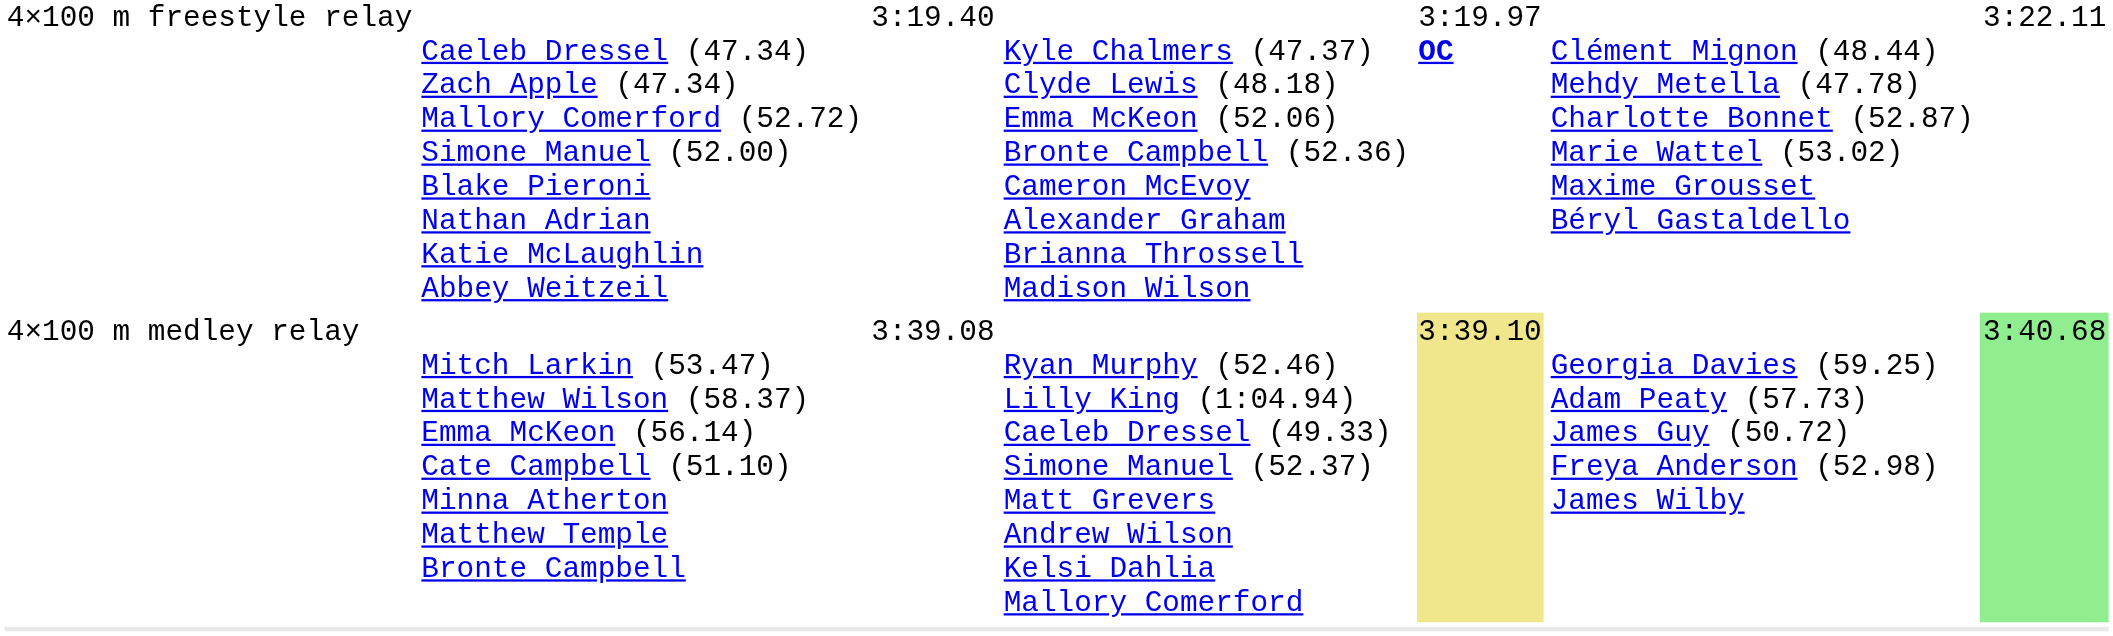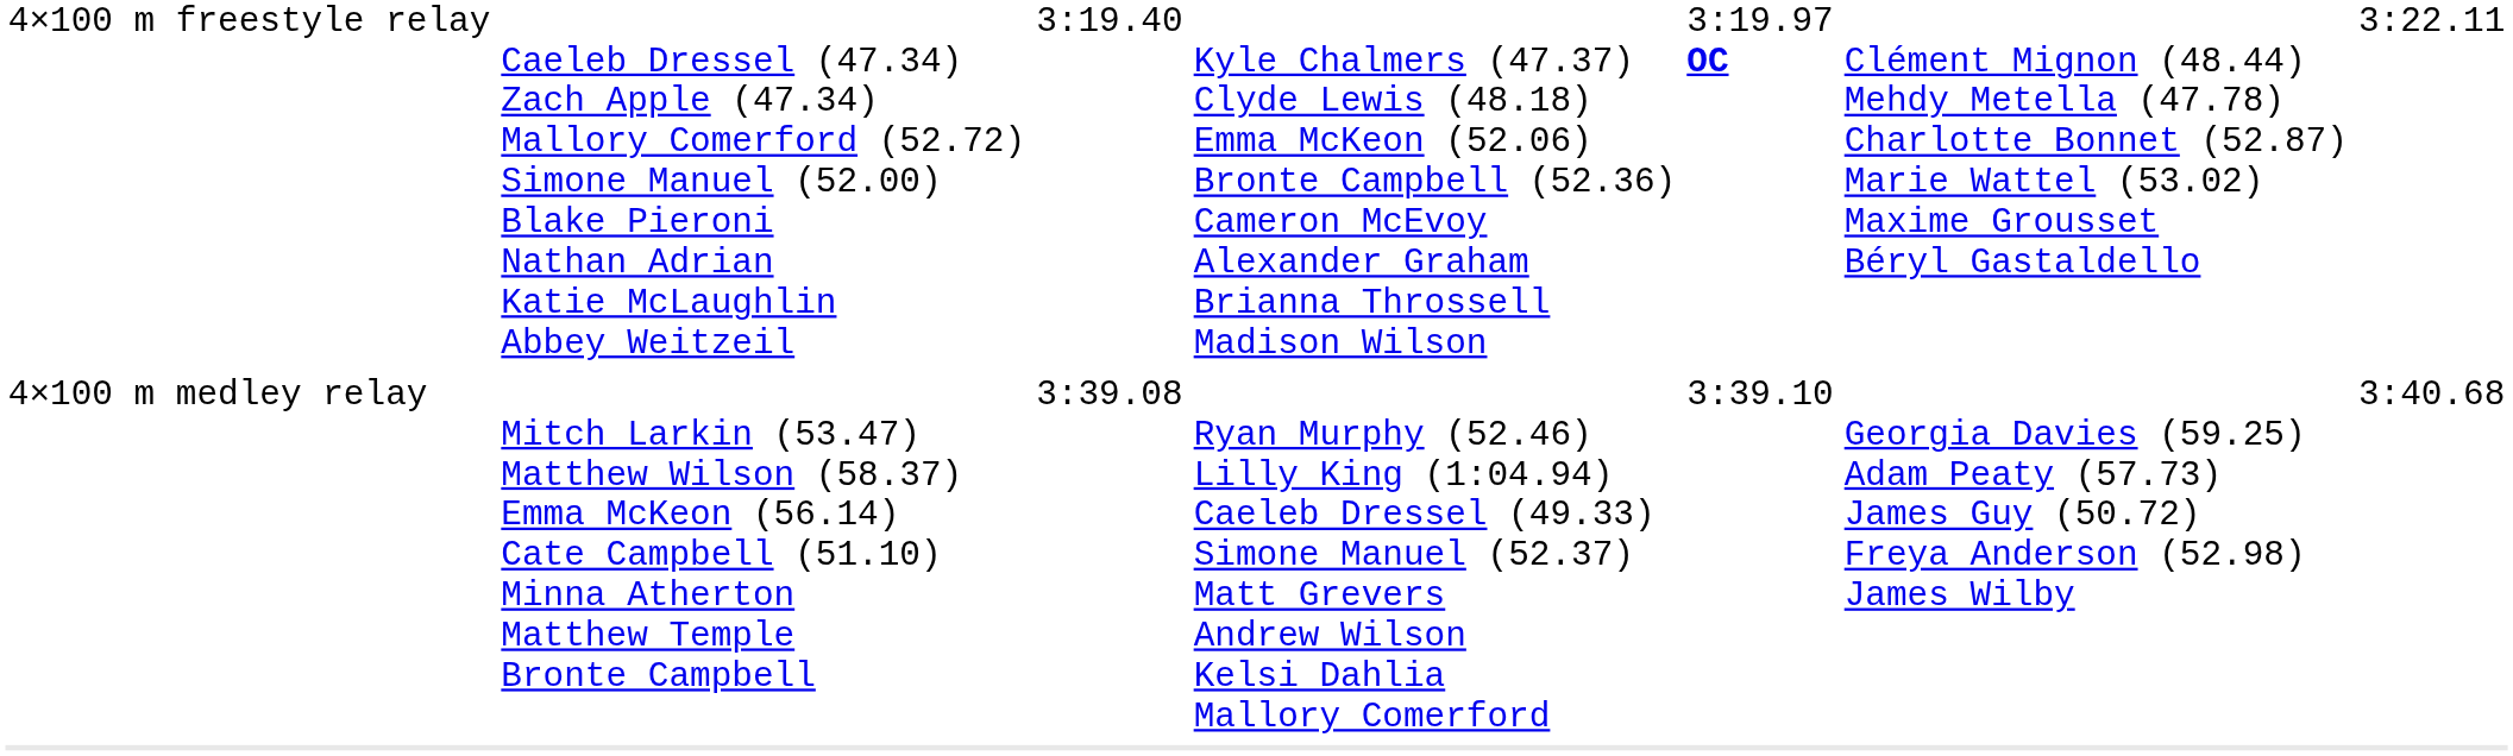 <table>
 <tr valign="top">
 <td>4×100 m freestyle relay<br></td>
 <td><br><a href='#'>Caeleb Dressel</a> (47.34)<br><a href='#'>Zach Apple</a> (47.34)<br><a href='#'>Mallory Comerford</a> (52.72)<br><a href='#'>Simone Manuel</a> (52.00)<br><a href='#'>Blake Pieroni</a><br><a href='#'>Nathan Adrian</a><br><a href='#'>Katie McLaughlin</a><br><a href='#'>Abbey Weitzeil</a></td>
 <td>3:19.40<br></td>
 <td><br><a href='#'>Kyle Chalmers</a> (47.37)<br><a href='#'>Clyde Lewis</a> (48.18)<br><a href='#'>Emma McKeon</a> (52.06)<br><a href='#'>Bronte Campbell</a> (52.36)<br><a href='#'>Cameron McEvoy</a><br><a href='#'>Alexander Graham</a><br><a href='#'>Brianna Throssell</a><br><a href='#'>Madison Wilson</a></td>
 <td>3:19.97<br><strong><a href='#'>OC</a></strong></td>
 <td><br><a href='#'>Clément Mignon</a> (48.44)<br><a href='#'>Mehdy Metella</a> (47.78)<br><a href='#'>Charlotte Bonnet</a> (52.87)<br><a href='#'>Marie Wattel</a> (53.02)<br><a href='#'>Maxime Grousset</a><br><a href='#'>Béryl Gastaldello</a></td>
 <td>3:22.11</td>
 </tr>
 <tr valign="top">
 <td>4×100 m medley relay<br></td>
 <td><br><a href='#'>Mitch Larkin</a> (53.47)<br><a href='#'>Matthew Wilson</a> (58.37)<br><a href='#'>Emma McKeon</a> (56.14)<br><a href='#'>Cate Campbell</a> (51.10)<br><a href='#'>Minna Atherton</a><br><a href='#'>Matthew Temple</a><br><a href='#'>Bronte Campbell</a></td>
 <td>3:39.08</td>
 <td><br><a href='#'>Ryan Murphy</a> (52.46)<br><a href='#'>Lilly King</a> (1:04.94)<br><a href='#'>Caeleb Dressel</a> (49.33)<br><a href='#'>Simone Manuel</a> (52.37)<br><a href='#'>Matt Grevers</a><br><a href='#'>Andrew Wilson</a><br><a href='#'>Kelsi Dahlia</a><br><a href='#'>Mallory Comerford</a></td>
-<td style="background: khaki;">3:39.10</td>
+<td>3:39.10</td>
 <td><br><a href='#'>Georgia Davies</a> (59.25)<br><a href='#'>Adam Peaty</a> (57.73)<br><a href='#'>James Guy</a> (50.72)<br><a href='#'>Freya Anderson</a> (52.98)<br><a href='#'>James Wilby</a></td>
-<td style="background: lightgreen;">3:40.68</td>
+<td>3:40.68</td>
 </tr>
 <tr bgcolor= e8e8e8>
 <td colspan=7></td>
 </tr>
 </table>
